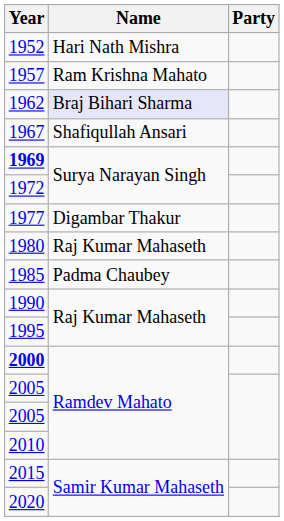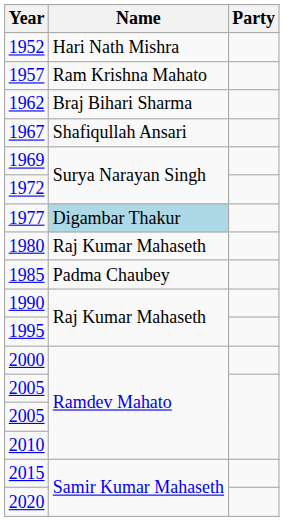 <table class="wikitable sortable">
 <tr>
 <th>Year</th>
 <th>Name</th>
 <th colspan="2">Party</th>
 </tr>
 <tr>
 <td><a href='#'>1952</a></td>
 <td>Hari Nath Mishra</td>
 <td></td>
 </tr>
 <tr>
 <td><a href='#'>1957</a></td>
 <td>Ram Krishna Mahato</td>
 <td></td>
 </tr>
 <tr>
 <td><a href='#'>1962</a></td>
-<td style="background: lavender;">Braj Bihari Sharma</td>
+<td>Braj Bihari Sharma</td>
 <td></td>
 </tr>
 <tr>
 <td><a href='#'>1967</a></td>
 <td>Shafiqullah Ansari</td>
 </tr>
 <tr>
-<td><strong><a href='#'>1969</a></strong></td>
+<td><a href='#'>1969</a></td>
 <td rowspan="2">Surya Narayan Singh</td>
 <td></td>
 </tr>
 <tr>
 <td><a href='#'>1972</a></td>
 <td></td>
 </tr>
 <tr>
 <td><a href='#'>1977</a></td>
-<td>Digambar Thakur</td>
+<td style="background: lightblue;">Digambar Thakur</td>
 <td></td>
 </tr>
 <tr>
 <td><a href='#'>1980</a></td>
 <td>Raj Kumar Mahaseth</td>
 <td></td>
 </tr>
 <tr>
 <td><a href='#'>1985</a></td>
 <td>Padma Chaubey</td>
 <td></td>
 </tr>
 <tr>
 <td><a href='#'>1990</a></td>
 <td rowspan="2">Raj Kumar Mahaseth</td>
 <td></td>
 </tr>
 <tr>
 <td><a href='#'>1995</a></td>
 <td></td>
 </tr>
 <tr>
-<td><strong><a href='#'>2000</a></strong></td>
+<td><a href='#'>2000</a></td>
 <td rowspan="4"><a href='#'>Ramdev Mahato</a></td>
 <td></td>
 </tr>
 <tr>
 <td><a href='#'>2005</a></td>
 </tr>
 <tr>
 <td><a href='#'>2005</a></td>
 </tr>
 <tr>
 <td><a href='#'>2010</a></td>
 </tr>
 <tr>
 <td><a href='#'>2015</a></td>
 <td rowspan="2"><a href='#'>Samir Kumar Mahaseth</a></td>
 <td></td>
 </tr>
 <tr>
 <td><a href='#'>2020</a></td>
 </tr>
 </table>
